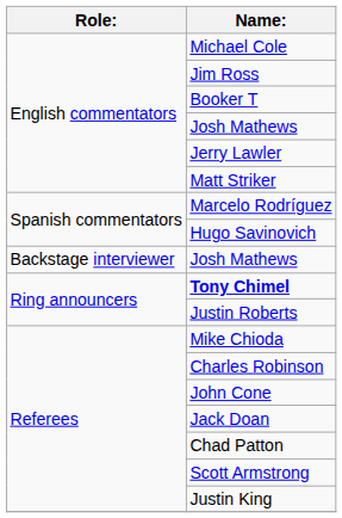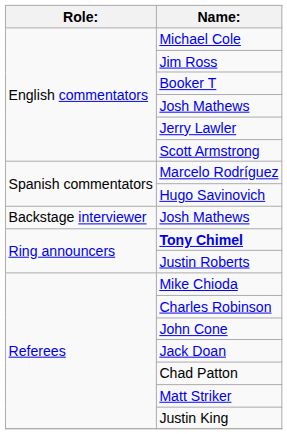 <table class=wikitable style="font-size:90%; margin: 0.5em 0 0.5em 1em; float: right; clear: right;">
 <tr>
 <th>Role:</th>
 <th>Name:</th>
 </tr>
 <tr>
 <td rowspan=6>English <a href='#'>commentators</a></td>
 <td><a href='#'>Michael Cole</a></td>
 </tr>
 <tr>
 <td><a href='#'>Jim Ross</a></td>
 </tr>
 <tr>
 <td><a href='#'>Booker T</a></td>
 </tr>
 <tr>
 <td><a href='#'>Josh Mathews</a></td>
 </tr>
 <tr>
 <td><a href='#'>Jerry Lawler</a></td>
 </tr>
 <tr>
-<td><a href='#'>Matt Striker</a></td>
+<td><a href='#'>Scott Armstrong</a></td>
 </tr>
 <tr>
 <td rowspan=2>Spanish commentators</td>
 <td><a href='#'>Marcelo Rodríguez</a></td>
 </tr>
 <tr>
 <td><a href='#'>Hugo Savinovich</a></td>
 </tr>
 <tr>
 <td>Backstage <a href='#'>interviewer</a></td>
 <td><a href='#'>Josh Mathews</a></td>
 </tr>
 <tr>
 <td rowspan=2><a href='#'>Ring announcers</a></td>
 <td><strong><a href='#'>Tony Chimel</a></strong></td>
 </tr>
 <tr>
 <td><a href='#'>Justin Roberts</a></td>
 </tr>
 <tr>
 <td rowspan=7><a href='#'>Referees</a></td>
 <td><a href='#'>Mike Chioda</a></td>
 </tr>
 <tr>
 <td><a href='#'>Charles Robinson</a></td>
 </tr>
 <tr>
 <td><a href='#'>John Cone</a></td>
 </tr>
 <tr>
 <td><a href='#'>Jack Doan</a></td>
 </tr>
 <tr>
 <td>Chad Patton</td>
 </tr>
 <tr>
-<td><a href='#'>Scott Armstrong</a></td>
+<td><a href='#'>Matt Striker</a></td>
 </tr>
 <tr>
 <td>Justin King</td>
 </tr>
 <tr>
 </tr>
 </table>
